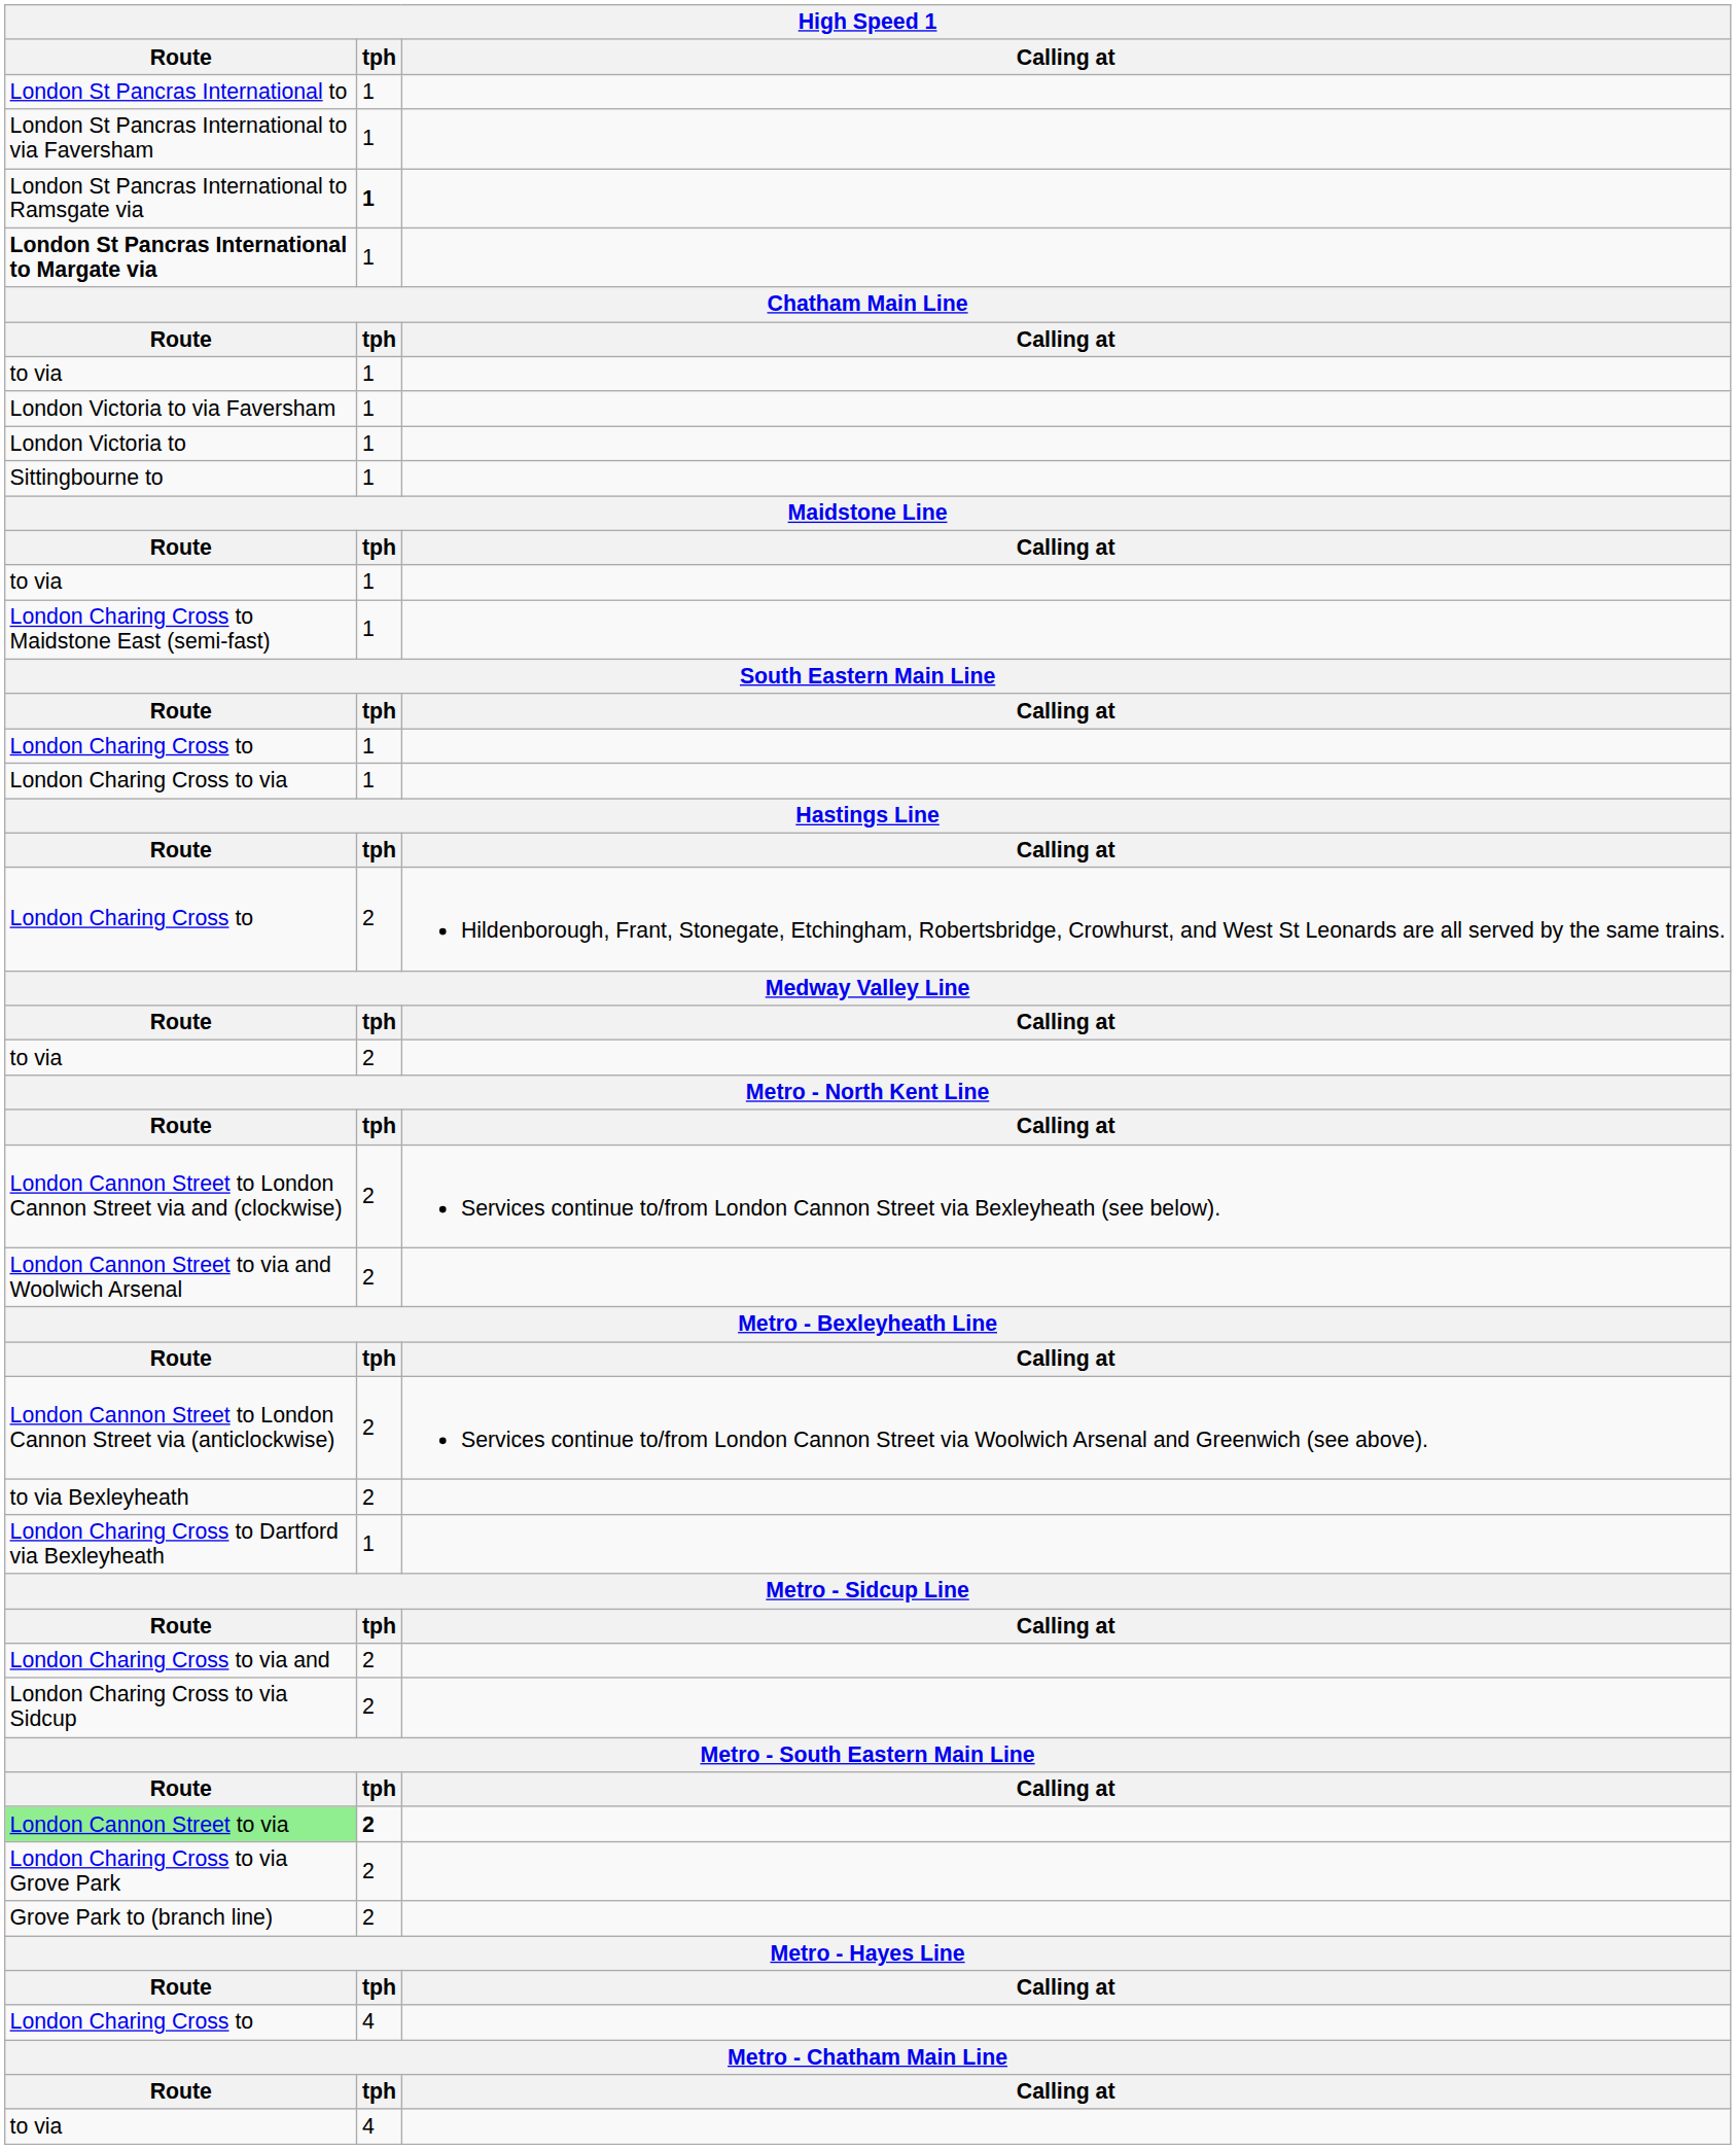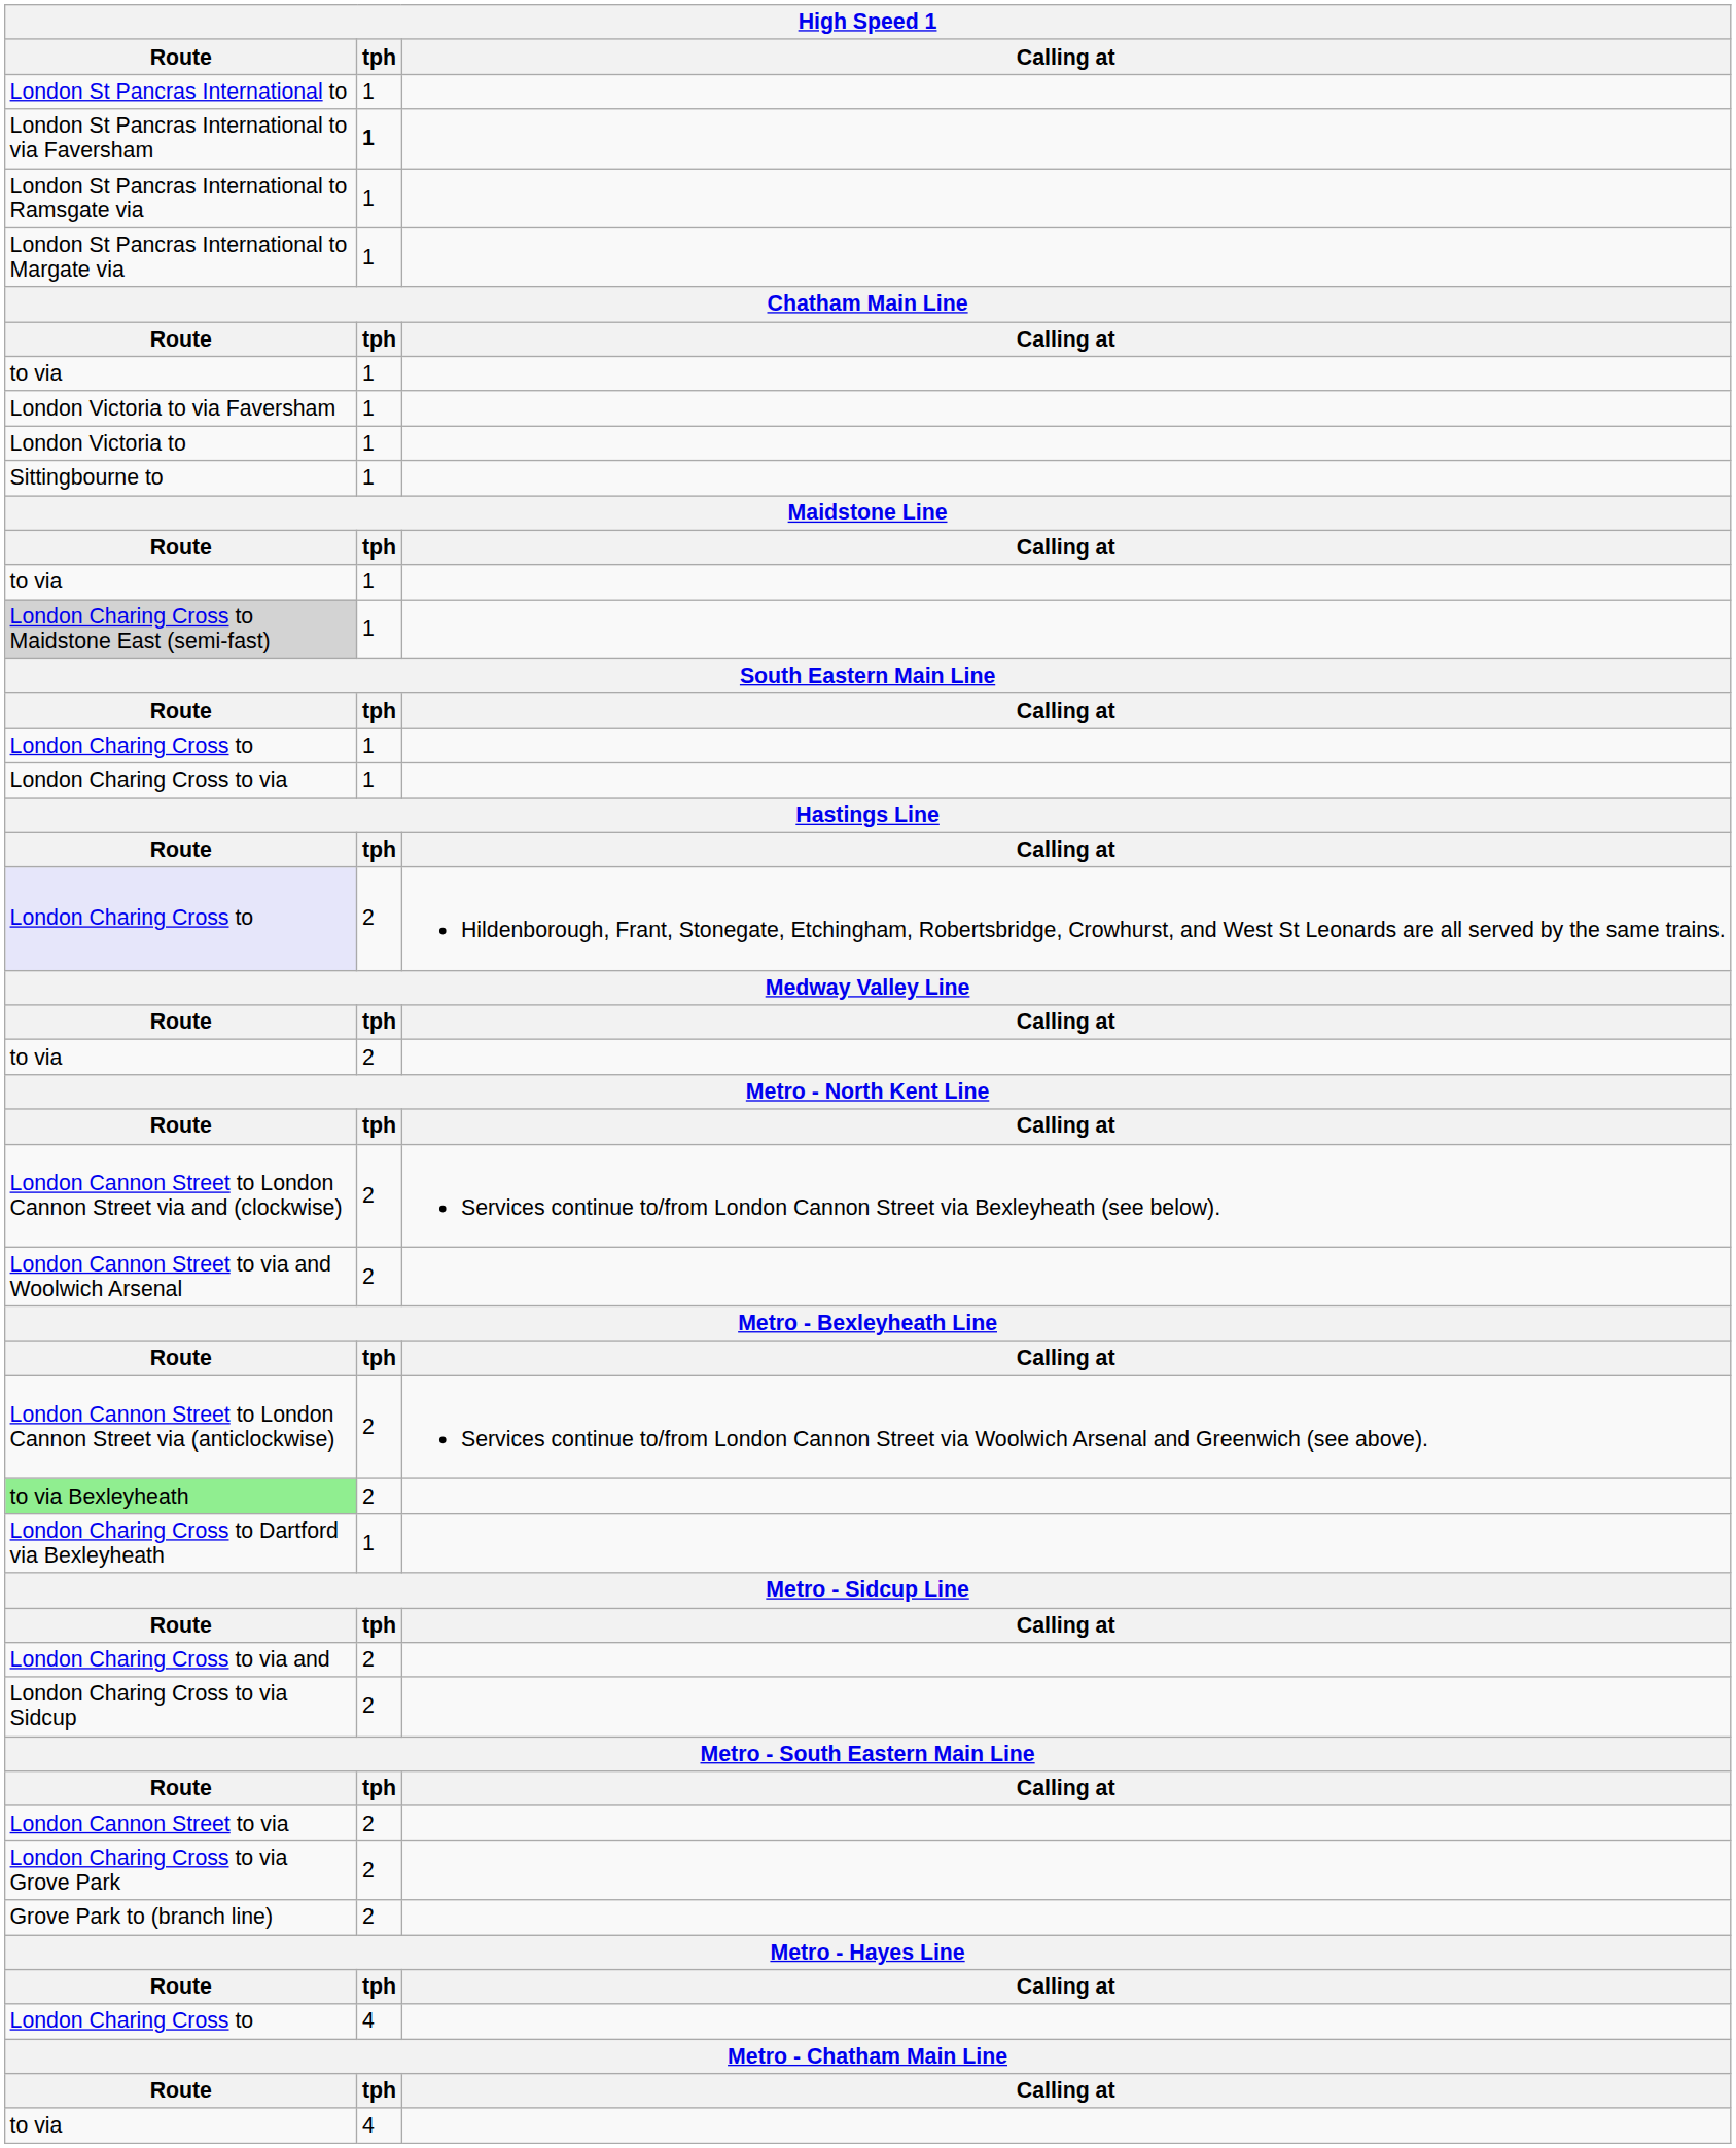 <table class="wikitable">
 <tr>
 <th colspan="3"><a href='#'>High Speed 1</a></th>
 </tr>
 <tr>
 <th width="250px">Route</th>
 <th>tph</th>
 <th>Calling at</th>
 </tr>
 <tr>
 <td><a href='#'>London St Pancras International</a> to </td>
 <td>1</td>
 <td></td>
 </tr>
 <tr>
 <td>London St Pancras International to  via Faversham</td>
+<td><strong>1</strong></td>
+<td></td>
+</tr>
+<tr>
+<td>London St Pancras International to Ramsgate via </td>
 <td>1</td>
 <td></td>
 </tr>
 <tr>
-<td>London St Pancras International to Ramsgate via </td>
-<td><strong>1</strong></td>
-<td></td>
-</tr>
-<tr>
-<td><strong>London St Pancras International to Margate via </strong></td>
+<td>London St Pancras International to Margate via </td>
 <td>1</td>
 <td></td>
 </tr>
 <tr>
 <th colspan="3"><a href='#'>Chatham Main Line</a></th>
 </tr>
 <tr>
 <th>Route</th>
 <th>tph</th>
 <th>Calling at</th>
 </tr>
 <tr>
 <td> to  via </td>
 <td>1</td>
 <td></td>
 </tr>
 <tr>
 <td>London Victoria to  via Faversham</td>
 <td>1</td>
 <td></td>
 </tr>
 <tr>
 <td>London Victoria to </td>
 <td>1</td>
 <td></td>
 </tr>
 <tr>
 <td>Sittingbourne to </td>
 <td>1</td>
 <td></td>
 </tr>
 <tr>
 <th colspan="3"><a href='#'>Maidstone Line</a></th>
 </tr>
 <tr>
 <th>Route</th>
 <th>tph</th>
 <th>Calling at</th>
 </tr>
 <tr>
 <td> to  via </td>
 <td>1</td>
 <td></td>
 </tr>
 <tr>
-<td><a href='#'>London Charing Cross</a> to Maidstone East (semi-fast)</td>
+<td style="background: lightgrey;"><a href='#'>London Charing Cross</a> to Maidstone East (semi-fast)</td>
 <td>1</td>
 <td></td>
 </tr>
 <tr>
 <th colspan="3"><a href='#'>South Eastern Main Line</a></th>
 </tr>
 <tr>
 <th>Route</th>
 <th>tph</th>
 <th>Calling at</th>
 </tr>
 <tr>
 <td><a href='#'>London Charing Cross</a> to </td>
 <td>1</td>
 <td></td>
 </tr>
 <tr>
 <td>London Charing Cross to  via </td>
 <td>1</td>
 <td></td>
 </tr>
 <tr>
 <th colspan="3"><a href='#'>Hastings Line</a></th>
 </tr>
 <tr>
 <th>Route</th>
 <th>tph</th>
 <th>Calling at</th>
 </tr>
 <tr>
-<td><a href='#'>London Charing Cross</a> to </td>
+<td style="background: lavender;"><a href='#'>London Charing Cross</a> to </td>
 <td>2</td>
 <td><br><ul><li>Hildenborough, Frant, Stonegate, Etchingham, Robertsbridge, Crowhurst, and West St Leonards are all served by the same trains.</li></ul></td>
 </tr>
 <tr>
 <th colspan="3"><a href='#'>Medway Valley Line</a></th>
 </tr>
 <tr>
 <th>Route</th>
 <th>tph</th>
 <th>Calling at</th>
 </tr>
 <tr>
 <td> to  via </td>
 <td>2</td>
 <td></td>
 </tr>
 <tr>
 <th colspan="3"><a href='#'>Metro - North Kent Line</a></th>
 </tr>
 <tr>
 <th>Route</th>
 <th>tph</th>
 <th>Calling at</th>
 </tr>
 <tr>
 <td><a href='#'>London Cannon Street</a> to London Cannon Street via  and  (clockwise)</td>
 <td>2</td>
 <td><br><ul><li>Services continue to/from London Cannon Street via Bexleyheath (see below).</li></ul></td>
 </tr>
 <tr>
 <td><a href='#'>London Cannon Street</a> to  via  and Woolwich Arsenal</td>
 <td>2</td>
 <td></td>
 </tr>
 <tr>
 <th colspan="3"><a href='#'>Metro - Bexleyheath Line</a></th>
 </tr>
 <tr>
 <th>Route</th>
 <th>tph</th>
 <th>Calling at</th>
 </tr>
 <tr>
 <td><a href='#'>London Cannon Street</a> to London Cannon Street via  (anticlockwise)</td>
 <td>2</td>
 <td><br><ul><li>Services continue to/from London Cannon Street via Woolwich Arsenal and Greenwich (see above).</li></ul></td>
 </tr>
 <tr>
-<td> to  via Bexleyheath</td>
+<td style="background: lightgreen;"> to  via Bexleyheath</td>
 <td>2</td>
 <td></td>
 </tr>
 <tr>
 <td><a href='#'>London Charing Cross</a> to Dartford via Bexleyheath</td>
 <td>1</td>
 <td></td>
 </tr>
 <tr>
 <th colspan="3"><a href='#'>Metro - Sidcup Line</a></th>
 </tr>
 <tr>
 <th>Route</th>
 <th>tph</th>
 <th>Calling at</th>
 </tr>
 <tr>
 <td><a href='#'>London Charing Cross</a> to  via  and </td>
 <td>2</td>
 <td></td>
 </tr>
 <tr>
 <td>London Charing Cross to  via Sidcup</td>
 <td>2</td>
 <td></td>
 </tr>
 <tr>
 <th colspan="3"><a href='#'>Metro - South Eastern Main Line</a></th>
 </tr>
 <tr>
 <th>Route</th>
 <th>tph</th>
 <th>Calling at</th>
 </tr>
 <tr>
-<td style="background: lightgreen;"><a href='#'>London Cannon Street</a> to  via </td>
-<td><strong>2</strong></td>
+<td><a href='#'>London Cannon Street</a> to  via </td>
+<td>2</td>
 <td></td>
 </tr>
 <tr>
 <td><a href='#'>London Charing Cross</a> to  via Grove Park</td>
 <td>2</td>
 <td></td>
 </tr>
 <tr>
 <td>Grove Park to  (branch line)</td>
 <td>2</td>
 <td></td>
 </tr>
 <tr>
 <th colspan="3"><a href='#'>Metro - Hayes Line</a></th>
 </tr>
 <tr>
 <th>Route</th>
 <th>tph</th>
 <th>Calling at</th>
 </tr>
 <tr>
 <td><a href='#'>London Charing Cross</a> to </td>
 <td>4</td>
 <td></td>
 </tr>
 <tr>
 <th colspan="3"><a href='#'>Metro - Chatham Main Line</a></th>
 </tr>
 <tr>
 <th>Route</th>
 <th>tph</th>
 <th>Calling at</th>
 </tr>
 <tr>
 <td> to  via </td>
 <td>4</td>
 <td></td>
 </tr>
 </table>
